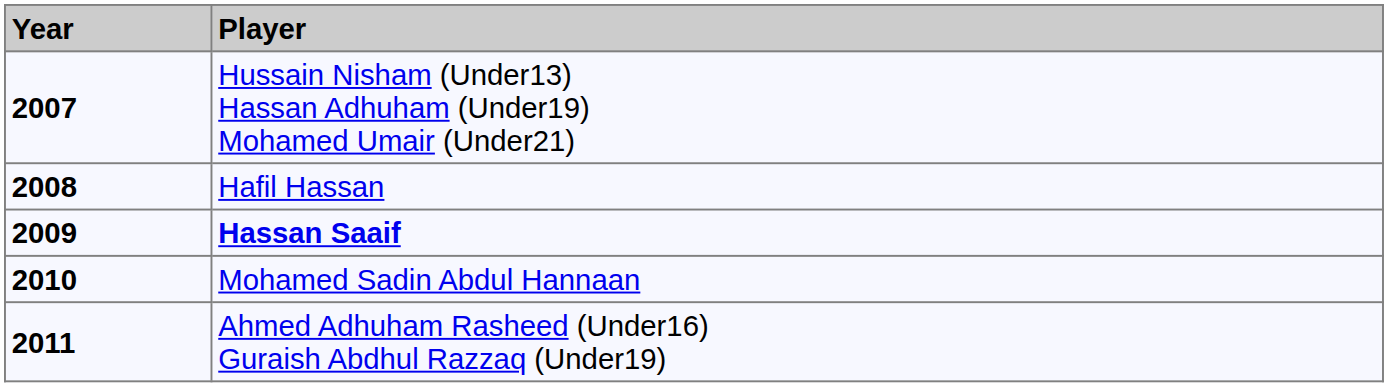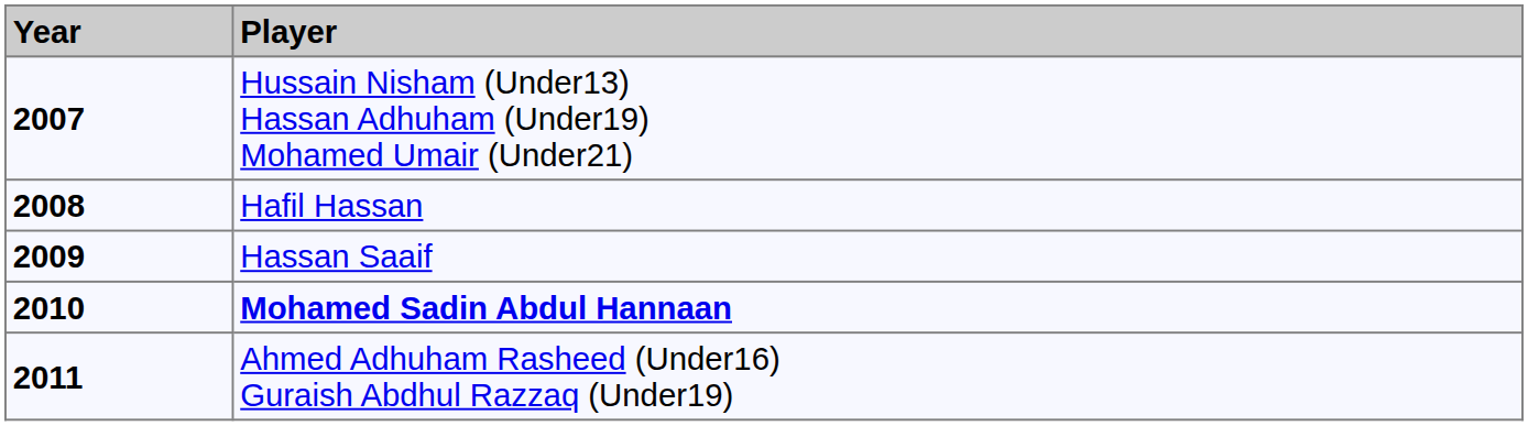 <table bgcolor="#f7f8ff" cellpadding="3" cellspacing="0" border="1" style="font-size: 95%; border: gray solid 1px; border-collapse: collapse;">
 <tr bgcolor="#CCCCCC">
 <td width="100"><strong>Year</strong></td>
 <td width="600"><strong>Player</strong></td>
 </tr>
 <tr>
 <td><strong>2007</strong></td>
 <td> <a href='#'>Hussain Nisham</a> (Under13)<br> <a href='#'>Hassan Adhuham</a> (Under19)<br> <a href='#'>Mohamed Umair</a> (Under21)</td>
 </tr>
 <tr>
 <td><strong>2008</strong></td>
 <td> <a href='#'>Hafil Hassan</a></td>
 </tr>
 <tr>
 <td><strong>2009</strong></td>
-<td><strong> <a href='#'>Hassan Saaif</a></strong></td>
+<td> <a href='#'>Hassan Saaif</a></td>
 </tr>
 <tr>
 <td><strong>2010</strong></td>
-<td> <a href='#'>Mohamed Sadin Abdul Hannaan</a></td>
+<td><strong> <a href='#'>Mohamed Sadin Abdul Hannaan</a></strong></td>
 </tr>
 <tr>
 <td><strong>2011</strong></td>
 <td> <a href='#'>Ahmed Adhuham Rasheed</a> (Under16)<br> <a href='#'>Guraish Abdhul Razzaq</a> (Under19)</td>
 </tr>
 </table>
